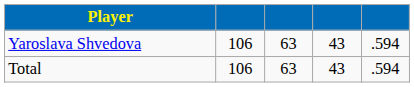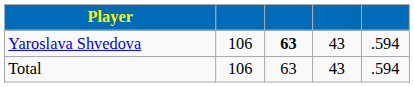 <table class="wikitable" style="text-align:center">
 <tr>
 <th style="background:#006bb6; color:#fff200" width="200px">Player</th>
 <th style="background:#006bb6; color:#fff200" width="40px"></th>
 <th style="background:#006bb6; color:#fff200" width="40px"></th>
 <th style="background:#006bb6; color:#fff200" width="40px"></th>
 <th style="background:#006bb6; color:#fff200" width="40px"></th>
 </tr>
 <tr>
 <td style="text-align:left"><a href='#'>Yaroslava Shvedova</a></td>
 <td>106</td>
-<td>63</td>
+<td><strong>63</strong></td>
 <td>43</td>
 <td>.594</td>
 </tr>
 <tr>
 <td style="text-align:left">Total</td>
 <td>106</td>
 <td>63</td>
 <td>43</td>
 <td>.594</td>
 </tr>
 </table>
